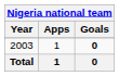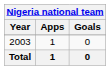 <table class="wikitable" style="text-align:center">
 <tr>
 <th colspan=3><a href='#'>Nigeria national team</a></th>
 </tr>
 <tr>
 <th>Year</th>
 <th>Apps</th>
 <th>Goals</th>
 </tr>
 <tr>
 </tr>
 <tr>
 <td>2003</td>
 <td>1</td>
-<td><strong>0</strong></td>
+<td>0</td>
 </tr>
 <tr>
 <th>Total</th>
 <th>1</th>
 <th>0</th>
 </tr>
 </table>
